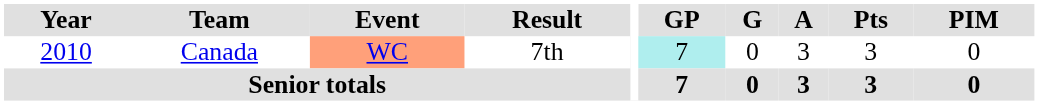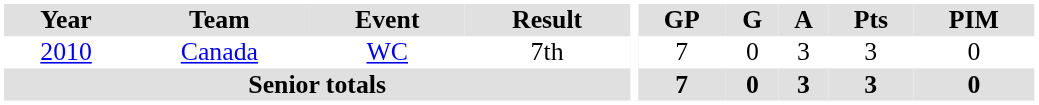 <table border="0" cellpadding="1" cellspacing="0" ID="Table3" style="text-align:center; width:40em">
 <tr ALIGN="center" bgcolor="#e0e0e0">
 <th>Year</th>
 <th>Team</th>
 <th>Event</th>
 <th>Result</th>
 <th rowspan="99" bgcolor="#ffffff"></th>
 <th>GP</th>
 <th>G</th>
 <th>A</th>
 <th>Pts</th>
 <th>PIM</th>
 </tr>
 <tr>
 <td><a href='#'>2010</a></td>
 <td><a href='#'>Canada</a></td>
-<td style="background: lightsalmon;"><a href='#'>WC</a></td>
+<td><a href='#'>WC</a></td>
 <td>7th</td>
-<td style="background: paleturquoise;">7</td>
+<td>7</td>
 <td>0</td>
 <td>3</td>
 <td>3</td>
 <td>0</td>
 </tr>
 <tr bgcolor="#e0e0e0">
 <th colspan="4">Senior totals</th>
 <th>7</th>
 <th>0</th>
 <th>3</th>
 <th>3</th>
 <th>0</th>
 </tr>
 </table>
